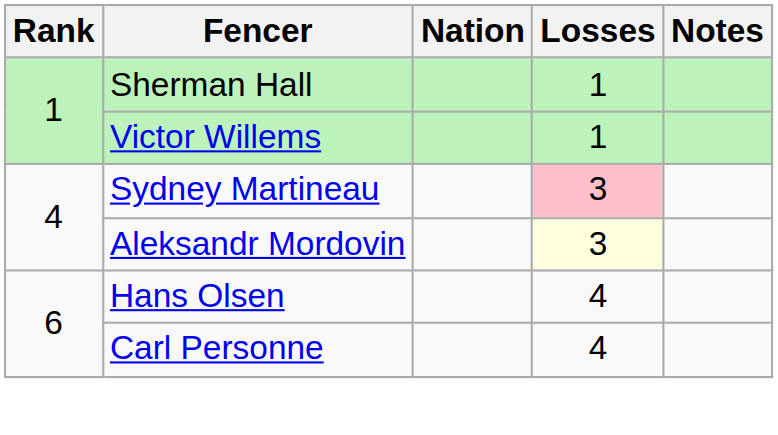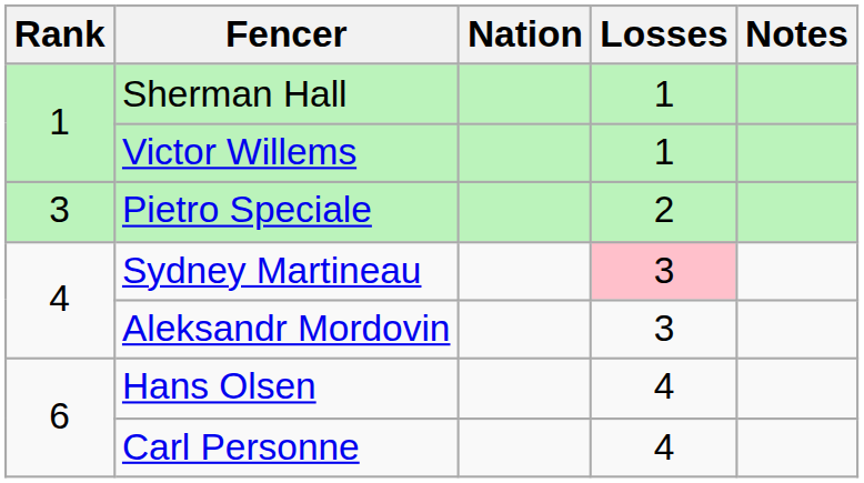 <table class="wikitable sortable" style="text-align:center">
 <tr>
 <th>Rank</th>
 <th>Fencer</th>
 <th>Nation</th>
 <th>Losses</th>
 <th>Notes</th>
 </tr>
 <tr bgcolor=bbf3bb>
 <td rowspan=2>1</td>
 <td align=left>Sherman Hall</td>
 <td align=left></td>
 <td>1</td>
 <td></td>
 </tr>
 <tr bgcolor=bbf3bb>
 <td align=left><a href='#'>Victor Willems</a></td>
 <td align=left></td>
 <td>1</td>
 <td></td>
 </tr>
+<tr bgcolor=bbf3bb>
+<td>3</td>
+<td align=left><a href='#'>Pietro Speciale</a></td>
+<td align=left></td>
+<td>2</td>
+<td></td>
+</tr>
 <tr>
 <td rowspan=2>4</td>
 <td align=left><a href='#'>Sydney Martineau</a></td>
 <td align=left></td>
 <td style="background: pink;">3</td>
 <td></td>
 </tr>
 <tr>
 <td align=left><a href='#'>Aleksandr Mordovin</a></td>
 <td align=left></td>
-<td style="background: lightyellow;">3</td>
+<td>3</td>
 <td></td>
 </tr>
 <tr>
 <td rowspan=2>6</td>
 <td align=left><a href='#'>Hans Olsen</a></td>
 <td align=left></td>
 <td>4</td>
 <td></td>
 </tr>
 <tr>
 <td align=left><a href='#'>Carl Personne</a></td>
 <td align=left></td>
 <td>4</td>
 <td></td>
 </tr>
 </table>
